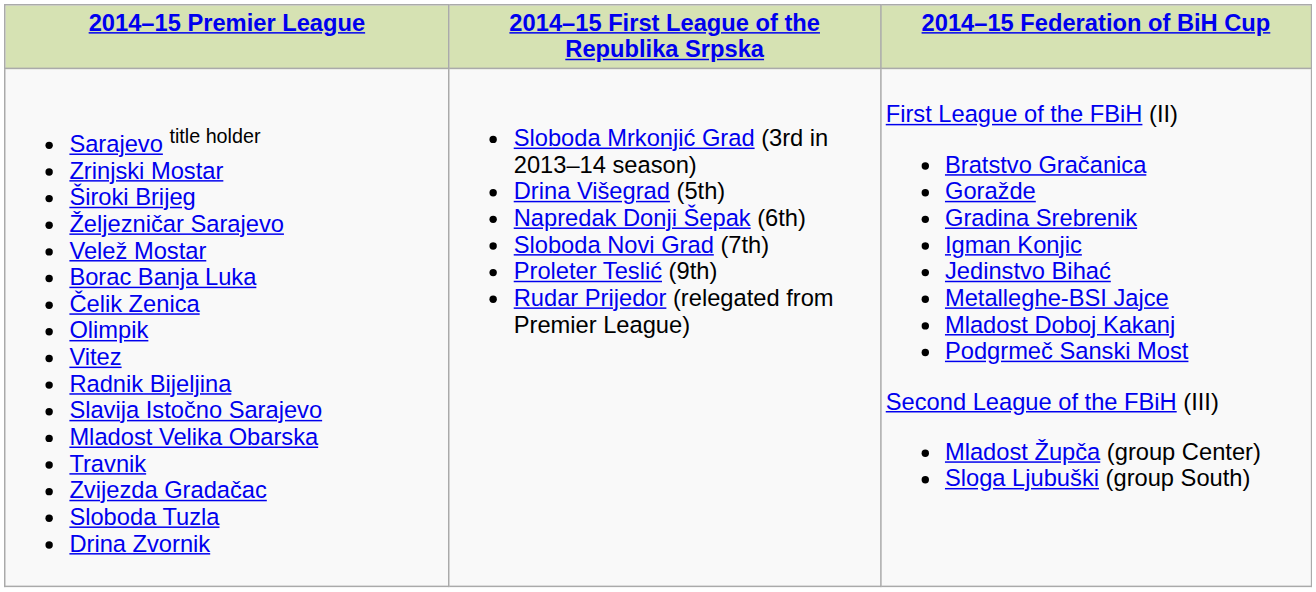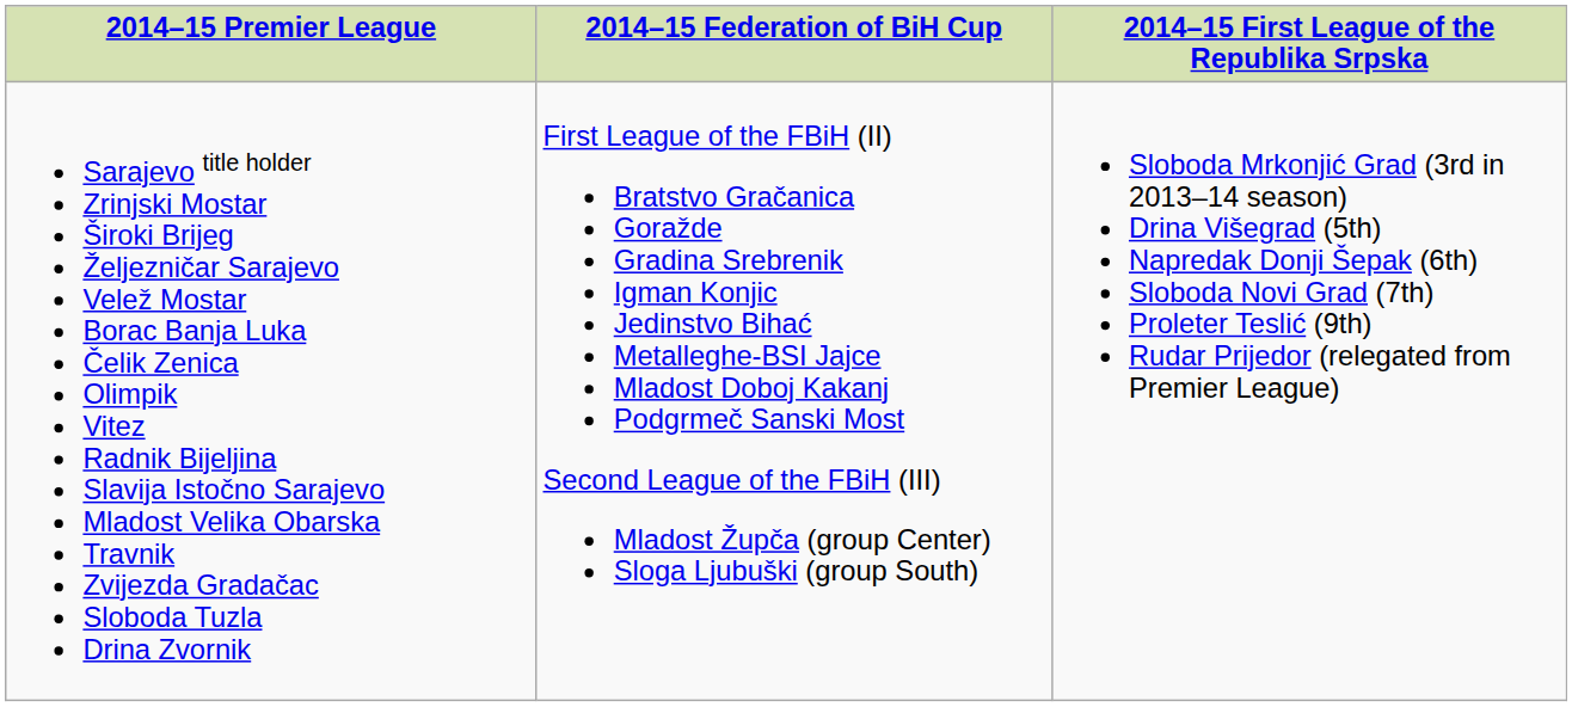 <table class="wikitable" style="width:100%">
 <tr style="vertical-align:top; background:#d6e2b3; text-align:center;">
 <td style="width:34%;"><strong><a href='#'>2014–15 Premier League</a></strong></td>
+<td style="width:33%;"><strong><a href='#'>2014–15 Federation of BiH Cup</a></strong></td>
 <td style="width:33%;"><strong><a href='#'>2014–15 First League of the Republika Srpska</a></strong></td>
-<td style="width:33%;"><strong><a href='#'>2014–15 Federation of BiH Cup</a></strong></td>
 </tr>
 <tr valign="top">
 <td><br><ul><li><a href='#'>Sarajevo</a> <sup>title holder</sup></li><li><a href='#'>Zrinjski Mostar</a></li><li><a href='#'>Široki Brijeg</a></li><li><a href='#'>Željezničar Sarajevo</a></li><li><a href='#'>Velež Mostar</a></li><li><a href='#'>Borac Banja Luka</a></li><li><a href='#'>Čelik Zenica</a></li><li><a href='#'>Olimpik</a></li><li><a href='#'>Vitez</a></li><li><a href='#'>Radnik Bijeljina</a></li><li><a href='#'>Slavija Istočno Sarajevo</a></li><li><a href='#'>Mladost Velika Obarska</a></li><li><a href='#'>Travnik</a></li><li><a href='#'>Zvijezda Gradačac</a></li><li><a href='#'>Sloboda Tuzla</a></li><li><a href='#'>Drina Zvornik</a></li></ul></td>
+<td><br><a href='#'>First League of the FBiH</a> (II)<ul><li><a href='#'>Bratstvo Gračanica</a></li><li><a href='#'>Goražde</a></li><li><a href='#'>Gradina Srebrenik</a></li><li><a href='#'>Igman Konjic</a></li><li><a href='#'>Jedinstvo Bihać</a></li><li><a href='#'>Metalleghe-BSI Jajce</a></li><li><a href='#'>Mladost Doboj Kakanj</a></li><li><a href='#'>Podgrmeč Sanski Most</a></li></ul><a href='#'>Second League of the FBiH</a> (III)<ul><li><a href='#'>Mladost Župča</a> (group Center)</li><li><a href='#'>Sloga Ljubuški</a> (group South)</li></ul></td>
 <td><br><ul><li><a href='#'>Sloboda Mrkonjić Grad</a> (3rd in 2013–14 season)</li><li><a href='#'>Drina Višegrad</a> (5th)</li><li><a href='#'>Napredak Donji Šepak</a> (6th)</li><li><a href='#'>Sloboda Novi Grad</a> (7th)</li><li><a href='#'>Proleter Teslić</a> (9th)</li><li><a href='#'>Rudar Prijedor</a> (relegated from Premier League)</li></ul></td>
-<td><br><a href='#'>First League of the FBiH</a> (II)<ul><li><a href='#'>Bratstvo Gračanica</a></li><li><a href='#'>Goražde</a></li><li><a href='#'>Gradina Srebrenik</a></li><li><a href='#'>Igman Konjic</a></li><li><a href='#'>Jedinstvo Bihać</a></li><li><a href='#'>Metalleghe-BSI Jajce</a></li><li><a href='#'>Mladost Doboj Kakanj</a></li><li><a href='#'>Podgrmeč Sanski Most</a></li></ul><a href='#'>Second League of the FBiH</a> (III)<ul><li><a href='#'>Mladost Župča</a> (group Center)</li><li><a href='#'>Sloga Ljubuški</a> (group South)</li></ul></td>
 </tr>
 </table>
